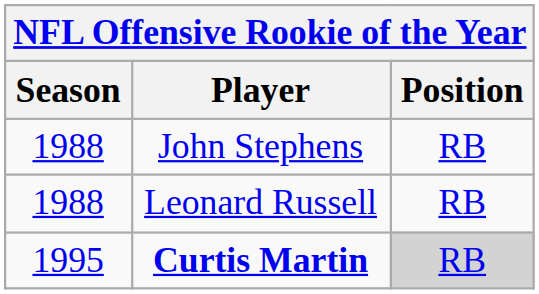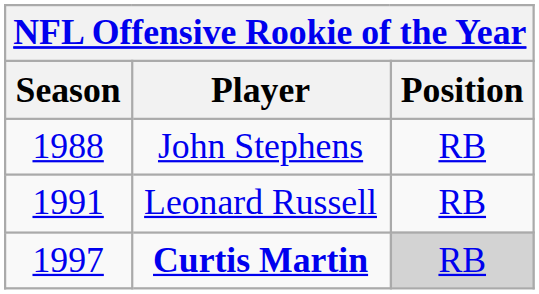 <table class="wikitable sortable" style="text-align:center">
 <tr>
 <th colspan="3"><a href='#'><span><u>NFL Offensive Rookie of the Year</u></span></a></th>
 </tr>
 <tr>
 <th>Season</th>
 <th>Player</th>
 <th>Position</th>
 </tr>
 <tr>
 <td><a href='#'>1988</a></td>
 <td><a href='#'>John Stephens</a></td>
 <td><a href='#'>RB</a></td>
 </tr>
 <tr>
-<td><a href='#'>1988</a></td>
+<td><a href='#'>1991</a></td>
 <td><a href='#'>Leonard Russell</a></td>
 <td><a href='#'>RB</a></td>
 </tr>
 <tr>
-<td><a href='#'>1995</a></td>
+<td><a href='#'>1997</a></td>
 <td><strong><a href='#'>Curtis Martin</a></strong></td>
 <td style="background: lightgrey;"><a href='#'>RB</a></td>
 </tr>
 </table>
